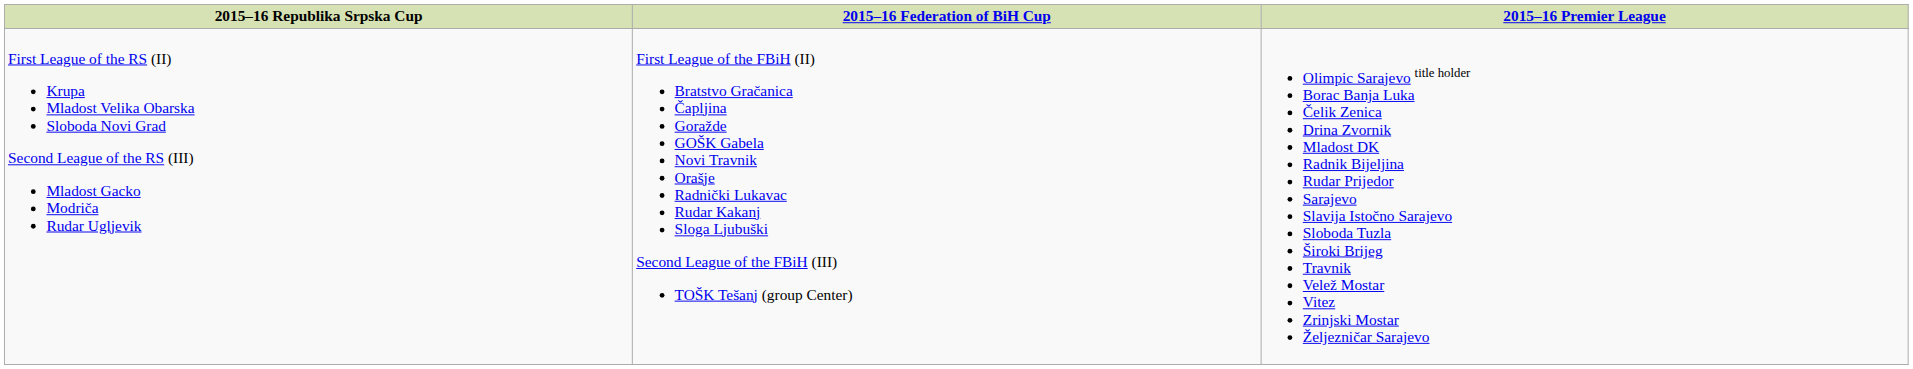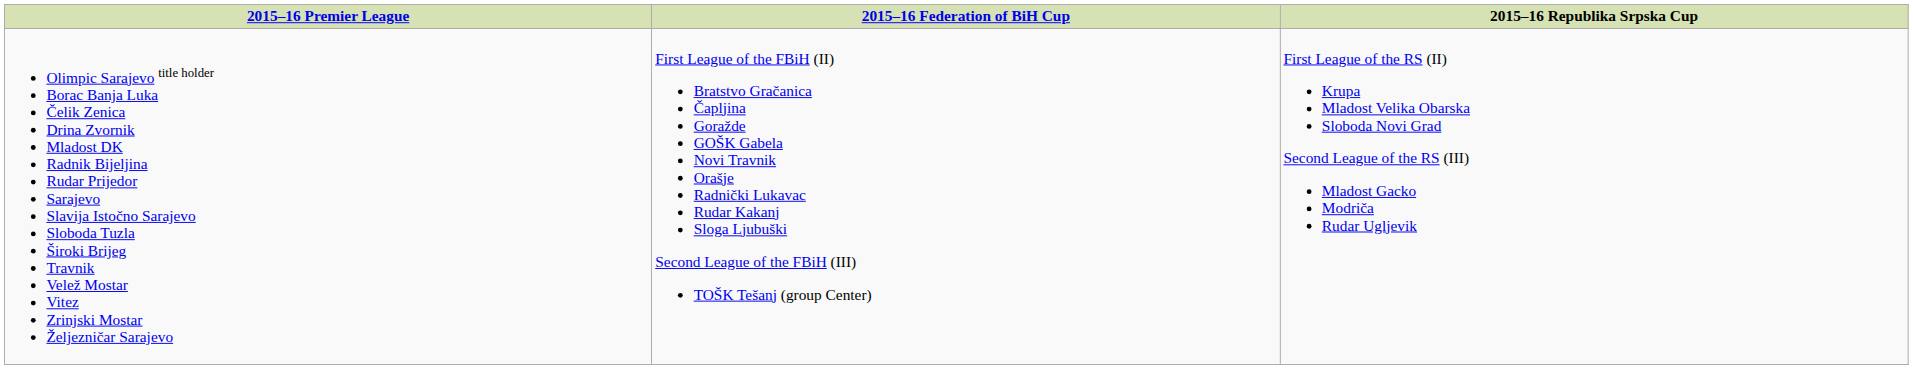 <table class="wikitable" style="width:100%">
 <tr style="vertical-align:top; background:#d6e2b3; text-align:center;">
+<td style="width:34%;"><strong><a href='#'>2015–16 Premier League</a></strong></td>
+<td style="width:33%;"><strong><a href='#'>2015–16 Federation of BiH Cup</a></strong></td>
 <td style="width:33%;"><strong>2015–16 Republika Srpska Cup</strong></td>
-<td style="width:33%;"><strong><a href='#'>2015–16 Federation of BiH Cup</a></strong></td>
-<td style="width:34%;"><strong><a href='#'>2015–16 Premier League</a></strong></td>
 </tr>
 <tr valign="top">
+<td><br><ul><li><a href='#'>Olimpic Sarajevo</a> <sup>title holder</sup></li><li><a href='#'>Borac Banja Luka</a></li><li><a href='#'>Čelik Zenica</a></li><li><a href='#'>Drina Zvornik</a></li><li><a href='#'>Mladost DK</a></li><li><a href='#'>Radnik Bijeljina</a></li><li><a href='#'>Rudar Prijedor</a></li><li><a href='#'>Sarajevo</a></li><li><a href='#'>Slavija Istočno Sarajevo</a></li><li><a href='#'>Sloboda Tuzla</a></li><li><a href='#'>Široki Brijeg</a></li><li><a href='#'>Travnik</a></li><li><a href='#'>Velež Mostar</a></li><li><a href='#'>Vitez</a></li><li><a href='#'>Zrinjski Mostar</a></li><li><a href='#'>Željezničar Sarajevo</a></li></ul></td>
+<td><br><a href='#'>First League of the FBiH</a> (II)<ul><li><a href='#'>Bratstvo Gračanica</a></li><li><a href='#'>Čapljina</a></li><li><a href='#'>Goražde</a></li><li><a href='#'>GOŠK Gabela</a></li><li><a href='#'>Novi Travnik</a></li><li><a href='#'>Orašje</a></li><li><a href='#'>Radnički Lukavac</a></li><li><a href='#'>Rudar Kakanj</a></li><li><a href='#'>Sloga Ljubuški</a></li></ul><a href='#'>Second League of the FBiH</a> (III)<ul><li><a href='#'>TOŠK Tešanj</a> (group Center)</li></ul></td>
 <td><br><a href='#'>First League of the RS</a> (II)<ul><li><a href='#'>Krupa</a></li><li><a href='#'>Mladost Velika Obarska</a></li><li><a href='#'>Sloboda Novi Grad</a></li></ul><a href='#'>Second League of the RS</a> (III)<ul><li><a href='#'>Mladost Gacko</a></li><li><a href='#'>Modriča</a></li><li><a href='#'>Rudar Ugljevik</a></li></ul></td>
-<td><br><a href='#'>First League of the FBiH</a> (II)<ul><li><a href='#'>Bratstvo Gračanica</a></li><li><a href='#'>Čapljina</a></li><li><a href='#'>Goražde</a></li><li><a href='#'>GOŠK Gabela</a></li><li><a href='#'>Novi Travnik</a></li><li><a href='#'>Orašje</a></li><li><a href='#'>Radnički Lukavac</a></li><li><a href='#'>Rudar Kakanj</a></li><li><a href='#'>Sloga Ljubuški</a></li></ul><a href='#'>Second League of the FBiH</a> (III)<ul><li><a href='#'>TOŠK Tešanj</a> (group Center)</li></ul></td>
-<td><br><ul><li><a href='#'>Olimpic Sarajevo</a> <sup>title holder</sup></li><li><a href='#'>Borac Banja Luka</a></li><li><a href='#'>Čelik Zenica</a></li><li><a href='#'>Drina Zvornik</a></li><li><a href='#'>Mladost DK</a></li><li><a href='#'>Radnik Bijeljina</a></li><li><a href='#'>Rudar Prijedor</a></li><li><a href='#'>Sarajevo</a></li><li><a href='#'>Slavija Istočno Sarajevo</a></li><li><a href='#'>Sloboda Tuzla</a></li><li><a href='#'>Široki Brijeg</a></li><li><a href='#'>Travnik</a></li><li><a href='#'>Velež Mostar</a></li><li><a href='#'>Vitez</a></li><li><a href='#'>Zrinjski Mostar</a></li><li><a href='#'>Željezničar Sarajevo</a></li></ul></td>
 </tr>
 </table>
